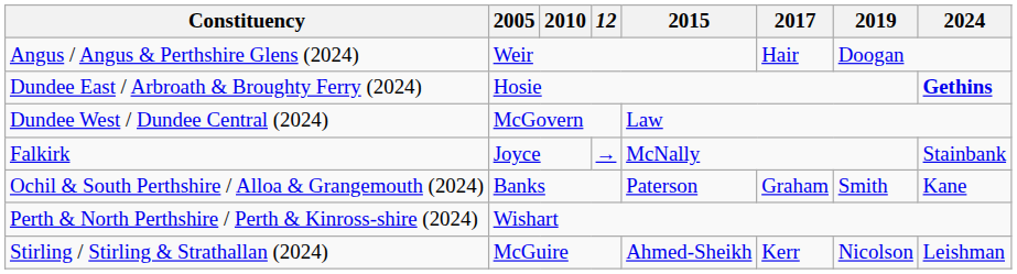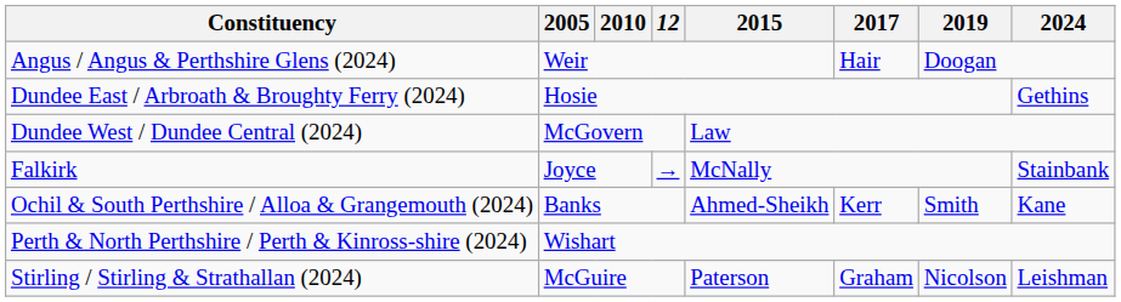 <table class="wikitable">
 <tr>
 <th>Constituency</th>
 <th>2005</th>
 <th>2010</th>
 <th><em>12</em></th>
 <th>2015</th>
 <th>2017</th>
 <th>2019</th>
 <th>2024</th>
 </tr>
 <tr>
 <td><a href='#'>Angus</a> / <a href='#'>Angus & Perthshire Glens</a> (2024)</td>
 <td colspan="4"><a href='#'>Weir</a></td>
 <td><a href='#'>Hair</a></td>
 <td colspan="2"><a href='#'>Doogan</a></td>
 </tr>
 <tr>
 <td><a href='#'>Dundee East</a> / <a href='#'>Arbroath & Broughty Ferry</a> (2024)</td>
 <td colspan="6"><a href='#'>Hosie</a></td>
-<td><strong><a href='#'>Gethins</a></strong></td>
+<td><a href='#'>Gethins</a></td>
 </tr>
 <tr>
 <td><a href='#'>Dundee West</a> / <a href='#'>Dundee Central</a> (2024)</td>
 <td colspan="3"><a href='#'>McGovern</a></td>
 <td colspan="4"><a href='#'>Law</a></td>
 </tr>
 <tr>
 <td><a href='#'>Falkirk</a></td>
 <td colspan="2"><a href='#'>Joyce</a></td>
 <td><a href='#'>→</a></td>
 <td colspan="3"><a href='#'>McNally</a></td>
 <td><a href='#'>Stainbank</a></td>
 </tr>
 <tr>
 <td><a href='#'>Ochil & South Perthshire</a> / <a href='#'>Alloa & Grangemouth</a> (2024)</td>
 <td colspan="3"><a href='#'>Banks</a></td>
-<td><a href='#'>Paterson</a></td>
-<td><a href='#'>Graham</a></td>
+<td><a href='#'>Ahmed-Sheikh</a></td>
+<td><a href='#'>Kerr</a></td>
 <td><a href='#'>Smith</a></td>
 <td><a href='#'>Kane</a></td>
 </tr>
 <tr>
 <td><a href='#'>Perth & North Perthshire</a> / <a href='#'>Perth & Kinross-shire</a> (2024)</td>
 <td colspan="7"><a href='#'>Wishart</a></td>
 </tr>
 <tr>
 <td><a href='#'>Stirling</a> / <a href='#'>Stirling & Strathallan</a> (2024)</td>
 <td colspan="3"><a href='#'>McGuire</a></td>
-<td><a href='#'>Ahmed-Sheikh</a></td>
-<td><a href='#'>Kerr</a></td>
+<td><a href='#'>Paterson</a></td>
+<td><a href='#'>Graham</a></td>
 <td><a href='#'>Nicolson</a></td>
 <td><a href='#'>Leishman</a></td>
 </tr>
 </table>
